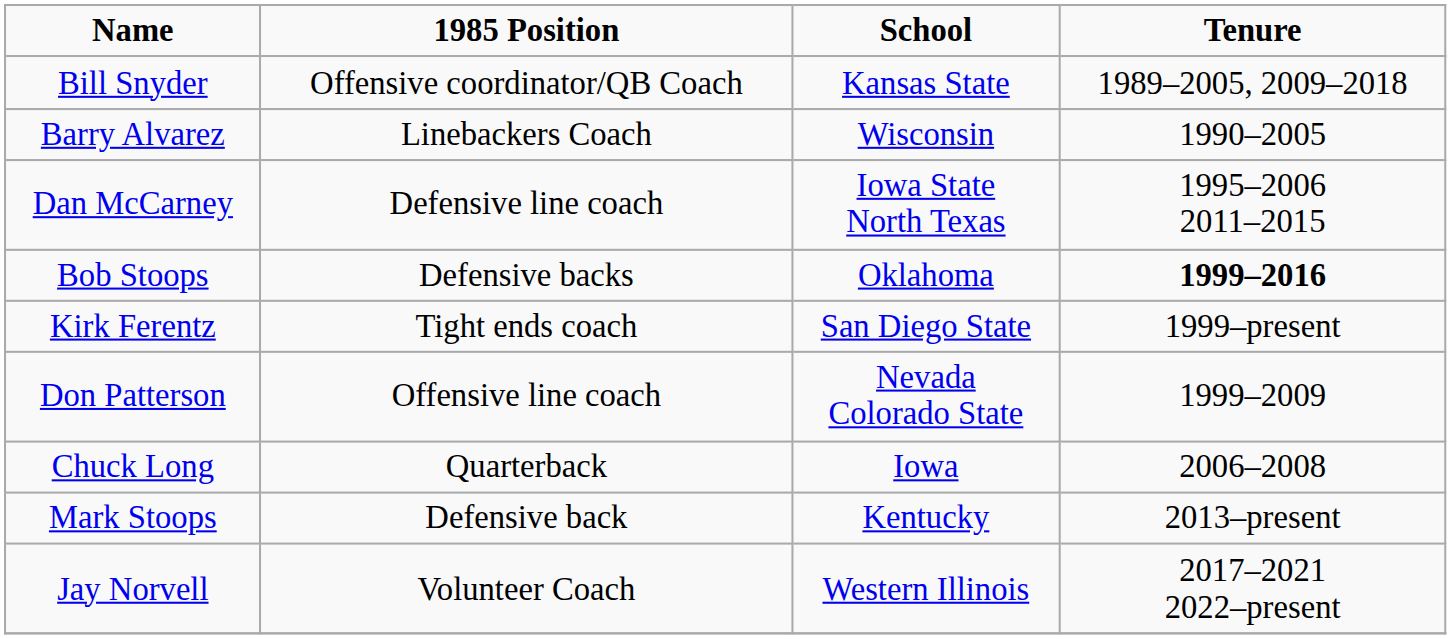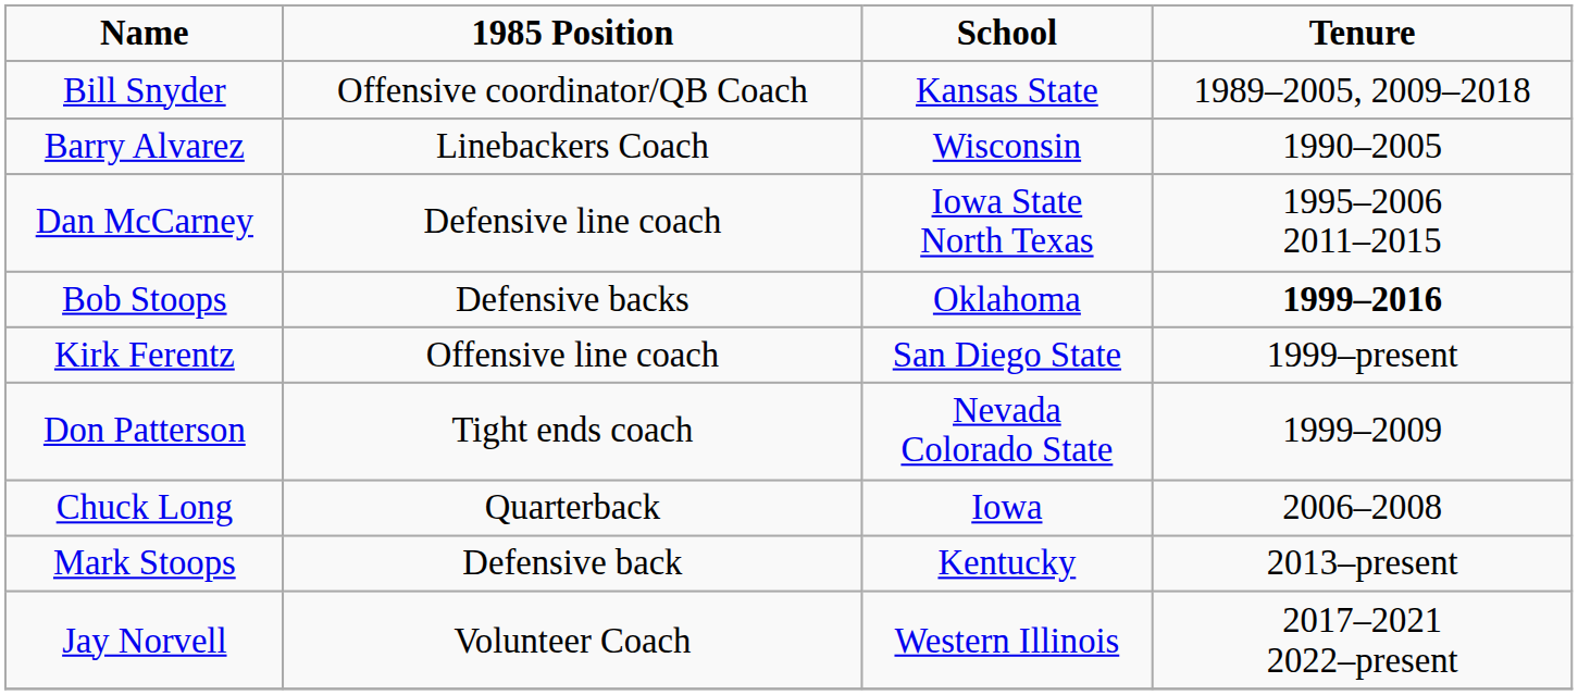 <table class="wikitable" width="80%">
 <tr align="center">
 <td><strong>Name</strong></td>
 <td><strong>1985 Position</strong></td>
 <td><strong>School</strong></td>
 <td><strong>Tenure</strong></td>
 </tr>
 <tr align="center" bgcolor="">
 <td><a href='#'>Bill Snyder</a></td>
 <td>Offensive coordinator/QB Coach</td>
 <td><a href='#'>Kansas State</a></td>
 <td>1989–2005, 2009–2018</td>
 </tr>
 <tr align="center" bgcolor="">
 <td><a href='#'>Barry Alvarez</a></td>
 <td>Linebackers Coach</td>
 <td><a href='#'>Wisconsin</a></td>
 <td>1990–2005</td>
 </tr>
 <tr align="center" bgcolor="">
 <td><a href='#'>Dan McCarney</a></td>
 <td>Defensive line coach</td>
 <td><a href='#'>Iowa State</a><br><a href='#'>North Texas</a></td>
 <td>1995–2006<br>2011–2015</td>
 </tr>
 <tr align="center" bgcolor="">
 <td><a href='#'>Bob Stoops</a></td>
 <td>Defensive backs</td>
 <td><a href='#'>Oklahoma</a></td>
 <td><strong>1999–2016</strong></td>
 </tr>
 <tr align="center" bgcolor=>
 <td><a href='#'>Kirk Ferentz</a></td>
-<td>Tight ends coach</td>
+<td>Offensive line coach</td>
 <td><a href='#'>San Diego State</a></td>
 <td>1999–present</td>
 </tr>
 <tr align="center" bgcolor=>
 <td><a href='#'>Don Patterson</a></td>
-<td>Offensive line coach</td>
+<td>Tight ends coach</td>
 <td><a href='#'>Nevada</a><br><a href='#'>Colorado State</a></td>
 <td>1999–2009</td>
 </tr>
 <tr align="center" bgcolor=>
 <td><a href='#'>Chuck Long</a></td>
 <td>Quarterback</td>
 <td><a href='#'>Iowa</a></td>
 <td>2006–2008</td>
 </tr>
 <tr align="center" bgcolor="">
 <td><a href='#'>Mark Stoops</a></td>
 <td>Defensive back</td>
 <td><a href='#'>Kentucky</a></td>
 <td>2013–present</td>
 </tr>
 <tr align="center" bgcolor=>
 <td><a href='#'>Jay Norvell</a></td>
 <td>Volunteer Coach</td>
 <td><a href='#'>Western Illinois</a></td>
 <td>2017–2021<br>2022–present</td>
 </tr>
 <tr align="center" bgcolor="">
 </tr>
 </table>
